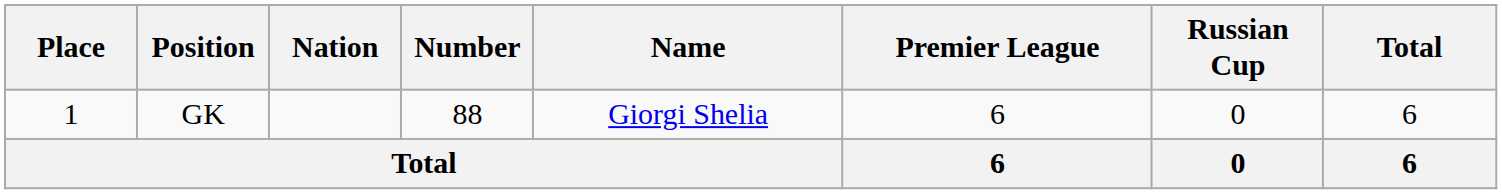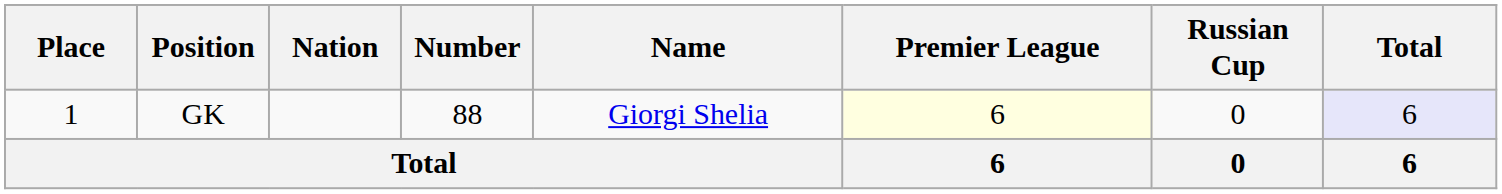 <table class="wikitable" style="font-size: 95%; text-align: center;">
 <tr>
 <th width=60>Place</th>
 <th width=60>Position</th>
 <th width=60>Nation</th>
 <th width=60>Number</th>
 <th width=150>Name</th>
 <th width=150>Premier League</th>
 <th width=80>Russian Cup</th>
 <th width=80>Total</th>
 </tr>
 <tr>
 <td>1</td>
 <td>GK</td>
 <td></td>
 <td>88</td>
 <td><a href='#'>Giorgi Shelia</a></td>
-<td>6</td>
+<td style="background: lightyellow;">6</td>
 <td>0</td>
-<td>6</td>
+<td style="background: lavender;">6</td>
 </tr>
 <tr>
 <th colspan=5>Total</th>
 <th>6</th>
 <th>0</th>
 <th>6</th>
 </tr>
 </table>
